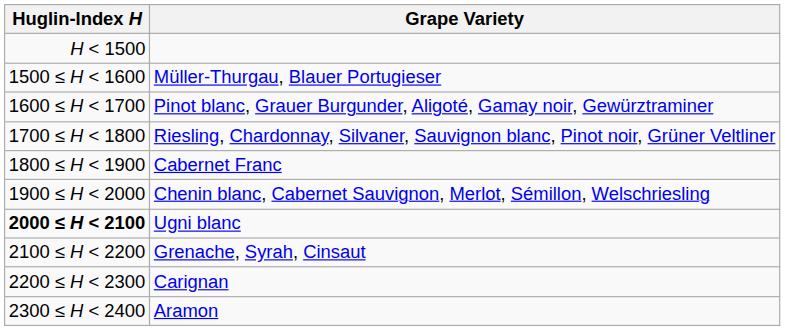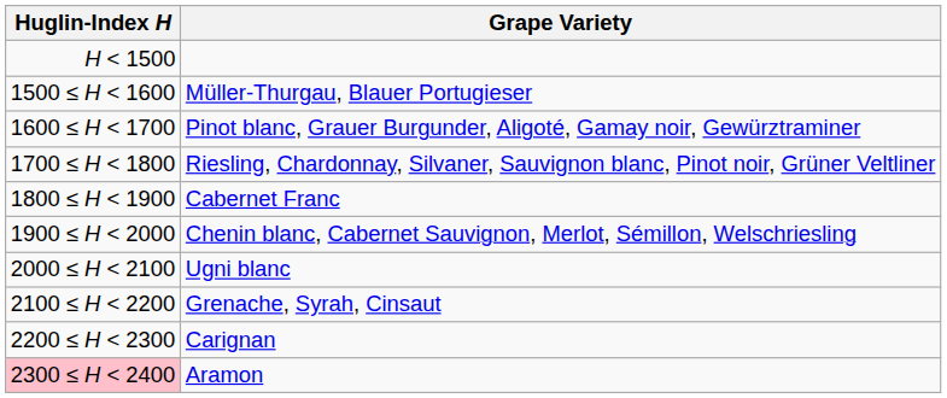 <table class="wikitable">
 <tr class="backgroundcolour4">
 <th>Huglin-Index <em>H</em></th>
 <th>Grape Variety</th>
 </tr>
 <tr>
 <td>            <em>H</em> < 1500</td>
 <td></td>
 </tr>
 <tr>
 <td>1500 ≤ <em>H</em> < 1600</td>
 <td><a href='#'>Müller-Thurgau</a>, <a href='#'>Blauer Portugieser</a></td>
 </tr>
 <tr>
 <td>1600 ≤ <em>H</em> < 1700</td>
 <td><a href='#'>Pinot blanc</a>, <a href='#'>Grauer Burgunder</a>, <a href='#'>Aligoté</a>, <a href='#'>Gamay noir</a>, <a href='#'>Gewürztraminer</a></td>
 </tr>
 <tr>
 <td>1700 ≤ <em>H</em> < 1800</td>
 <td><a href='#'>Riesling</a>, <a href='#'>Chardonnay</a>, <a href='#'>Silvaner</a>, <a href='#'>Sauvignon blanc</a>, <a href='#'>Pinot noir</a>, <a href='#'>Grüner Veltliner</a></td>
 </tr>
 <tr>
 <td>1800 ≤ <em>H</em> < 1900</td>
 <td><a href='#'>Cabernet Franc</a></td>
 </tr>
 <tr>
 <td>1900 ≤ <em>H</em> < 2000</td>
 <td><a href='#'>Chenin blanc</a>, <a href='#'>Cabernet Sauvignon</a>, <a href='#'>Merlot</a>, <a href='#'>Sémillon</a>, <a href='#'>Welschriesling</a></td>
 </tr>
 <tr>
-<td><strong>2000 ≤ <em>H</em> < 2100</strong></td>
+<td>2000 ≤ <em>H</em> < 2100</td>
 <td><a href='#'>Ugni blanc</a></td>
 </tr>
 <tr>
 <td>2100 ≤ <em>H</em> < 2200</td>
 <td><a href='#'>Grenache</a>, <a href='#'>Syrah</a>, <a href='#'>Cinsaut</a></td>
 </tr>
 <tr>
 <td>2200 ≤ <em>H</em> < 2300</td>
 <td><a href='#'>Carignan</a></td>
 </tr>
 <tr>
-<td>2300 ≤ <em>H</em> < 2400</td>
+<td style="background: pink;">2300 ≤ <em>H</em> < 2400</td>
 <td><a href='#'>Aramon</a></td>
 </tr>
 </table>
